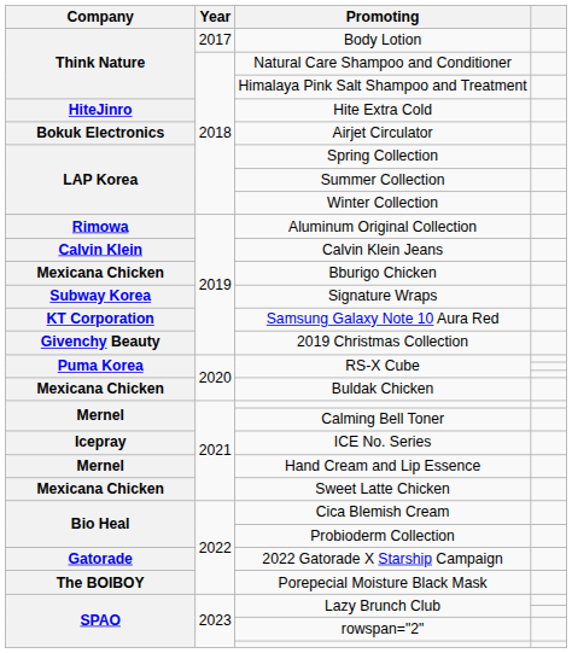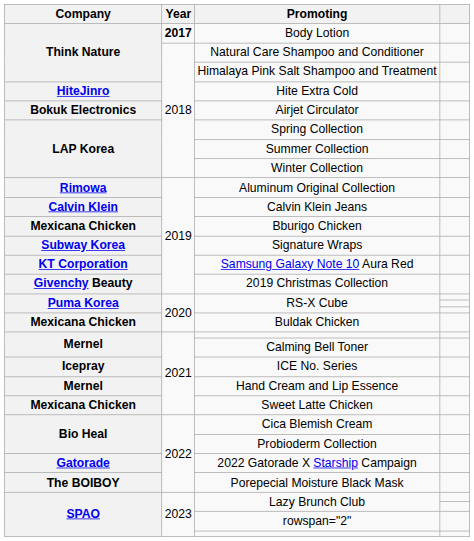 <table class="wikitable sortable plainrowheaders" style="text-align:center;">
 <tr>
 <th scope="col" style="width:200px;">Company</th>
 <th scope="col" style="width:5px;;">Year</th>
 <th scope="col" class="unsortable">Promoting</th>
 <th scope="col" style="width: 2em;" class="unsortable"></th>
 </tr>
 <tr>
 <th scope="row" rowspan="3">Think Nature</th>
-<td>2017</td>
+<td><strong>2017</strong></td>
 <td>Body Lotion</td>
 <td></td>
 </tr>
 <tr>
 <td rowspan="7">2018</td>
 <td>Natural Care Shampoo and Conditioner</td>
 <td></td>
 </tr>
 <tr>
 <td>Himalaya Pink Salt Shampoo and Treatment</td>
 <td></td>
 </tr>
 <tr>
 <th scope="row"><a href='#'>HiteJinro</a></th>
 <td>Hite Extra Cold</td>
 <td></td>
 </tr>
 <tr>
 <th scope="row">Bokuk Electronics</th>
 <td>Airjet Circulator</td>
 <td></td>
 </tr>
 <tr>
 <th scope="row" rowspan="3">LAP Korea</th>
 <td>Spring Collection</td>
 <td></td>
 </tr>
 <tr>
 <td>Summer Collection</td>
 <td></td>
 </tr>
 <tr>
 <td>Winter Collection</td>
 <td></td>
 </tr>
 <tr>
 <th scope="row"><a href='#'>Rimowa</a></th>
 <td rowspan="6">2019</td>
 <td>Aluminum Original Collection</td>
 <td></td>
 </tr>
 <tr>
 <th scope="row"><a href='#'>Calvin Klein</a></th>
 <td>Calvin Klein Jeans</td>
 <td></td>
 </tr>
 <tr>
 <th scope="row">Mexicana Chicken</th>
 <td>Bburigo Chicken</td>
 <td></td>
 </tr>
 <tr>
 <th scope="row"><a href='#'>Subway Korea</a></th>
 <td>Signature Wraps</td>
 <td></td>
 </tr>
 <tr>
 <th scope="row"><a href='#'>KT Corporation</a></th>
 <td><a href='#'>Samsung Galaxy Note 10</a> Aura Red</td>
 <td></td>
 </tr>
 <tr>
 <th scope="row"><a href='#'>Givenchy</a> Beauty</th>
 <td>2019 Christmas Collection</td>
 <td></td>
 </tr>
 <tr>
 <th scope="row" rowspan="3"><a href='#'>Puma Korea</a></th>
 <td rowspan="4">2020</td>
 <td rowspan="3">RS-X Cube</td>
 <td></td>
 </tr>
 <tr>
 <td></td>
 </tr>
 <tr>
 <td></td>
 </tr>
 <tr>
 <th scope="row">Mexicana Chicken</th>
 <td>Buldak Chicken</td>
 <td></td>
 </tr>
 <tr>
 <th scope="row" rowspan="2">Mernel</th>
 <td rowspan="5">2021</td>
 <td></td>
 <td></td>
 </tr>
 <tr>
 <td>Calming Bell Toner</td>
 <td></td>
 </tr>
 <tr>
 <th scope="row">Icepray</th>
 <td>ICE No. Series</td>
 <td></td>
 </tr>
 <tr>
 <th scope="row">Mernel</th>
 <td>Hand Cream and Lip Essence</td>
 <td></td>
 </tr>
 <tr>
 <th scope="row">Mexicana Chicken</th>
 <td>Sweet Latte Chicken</td>
 <td></td>
 </tr>
 <tr>
 <th scope="row" rowspan="2">Bio Heal</th>
 <td rowspan="4">2022</td>
 <td>Cica Blemish Cream</td>
 <td></td>
 </tr>
 <tr>
 <td>Probioderm Collection</td>
 <td></td>
 </tr>
 <tr>
 <th scope="row"><a href='#'>Gatorade</a></th>
 <td>2022 Gatorade X <a href='#'>Starship</a> Campaign</td>
 <td></td>
 </tr>
 <tr>
 <th scope="row">The BOIBOY</th>
 <td>Porepecial Moisture Black Mask</td>
 <td></td>
 </tr>
 <tr>
 <th scope="row" rowspan="4"><a href='#'>SPAO</a></th>
 <td rowspan="4">2023</td>
 <td rowspan="2">Lazy Brunch Club</td>
 <td></td>
 </tr>
 <tr>
 <td></td>
 </tr>
 <tr>
 <td>rowspan="2" </td>
 <td></td>
 </tr>
 <tr>
 <td></td>
 </tr>
 </table>
